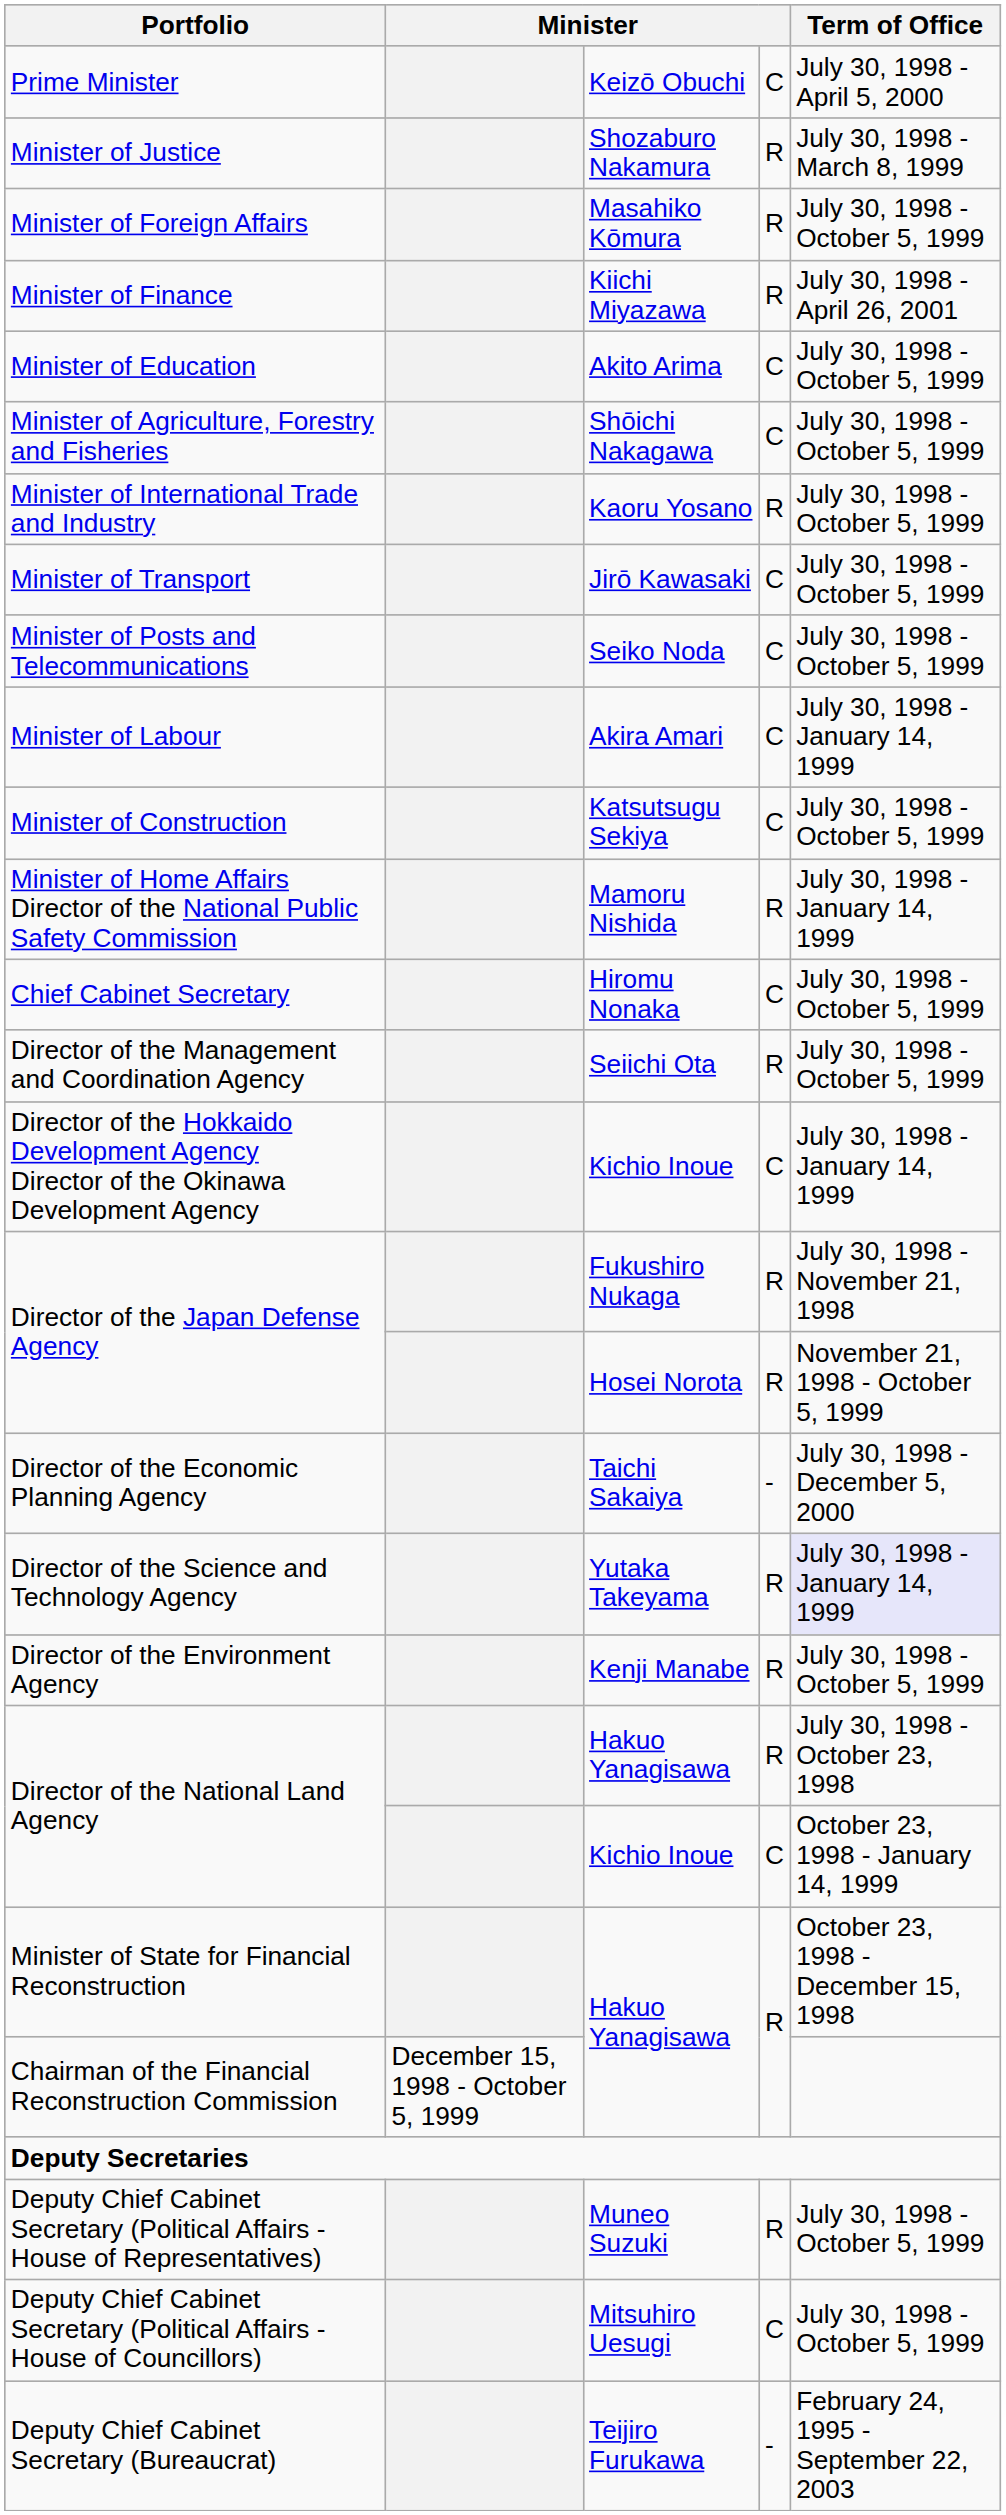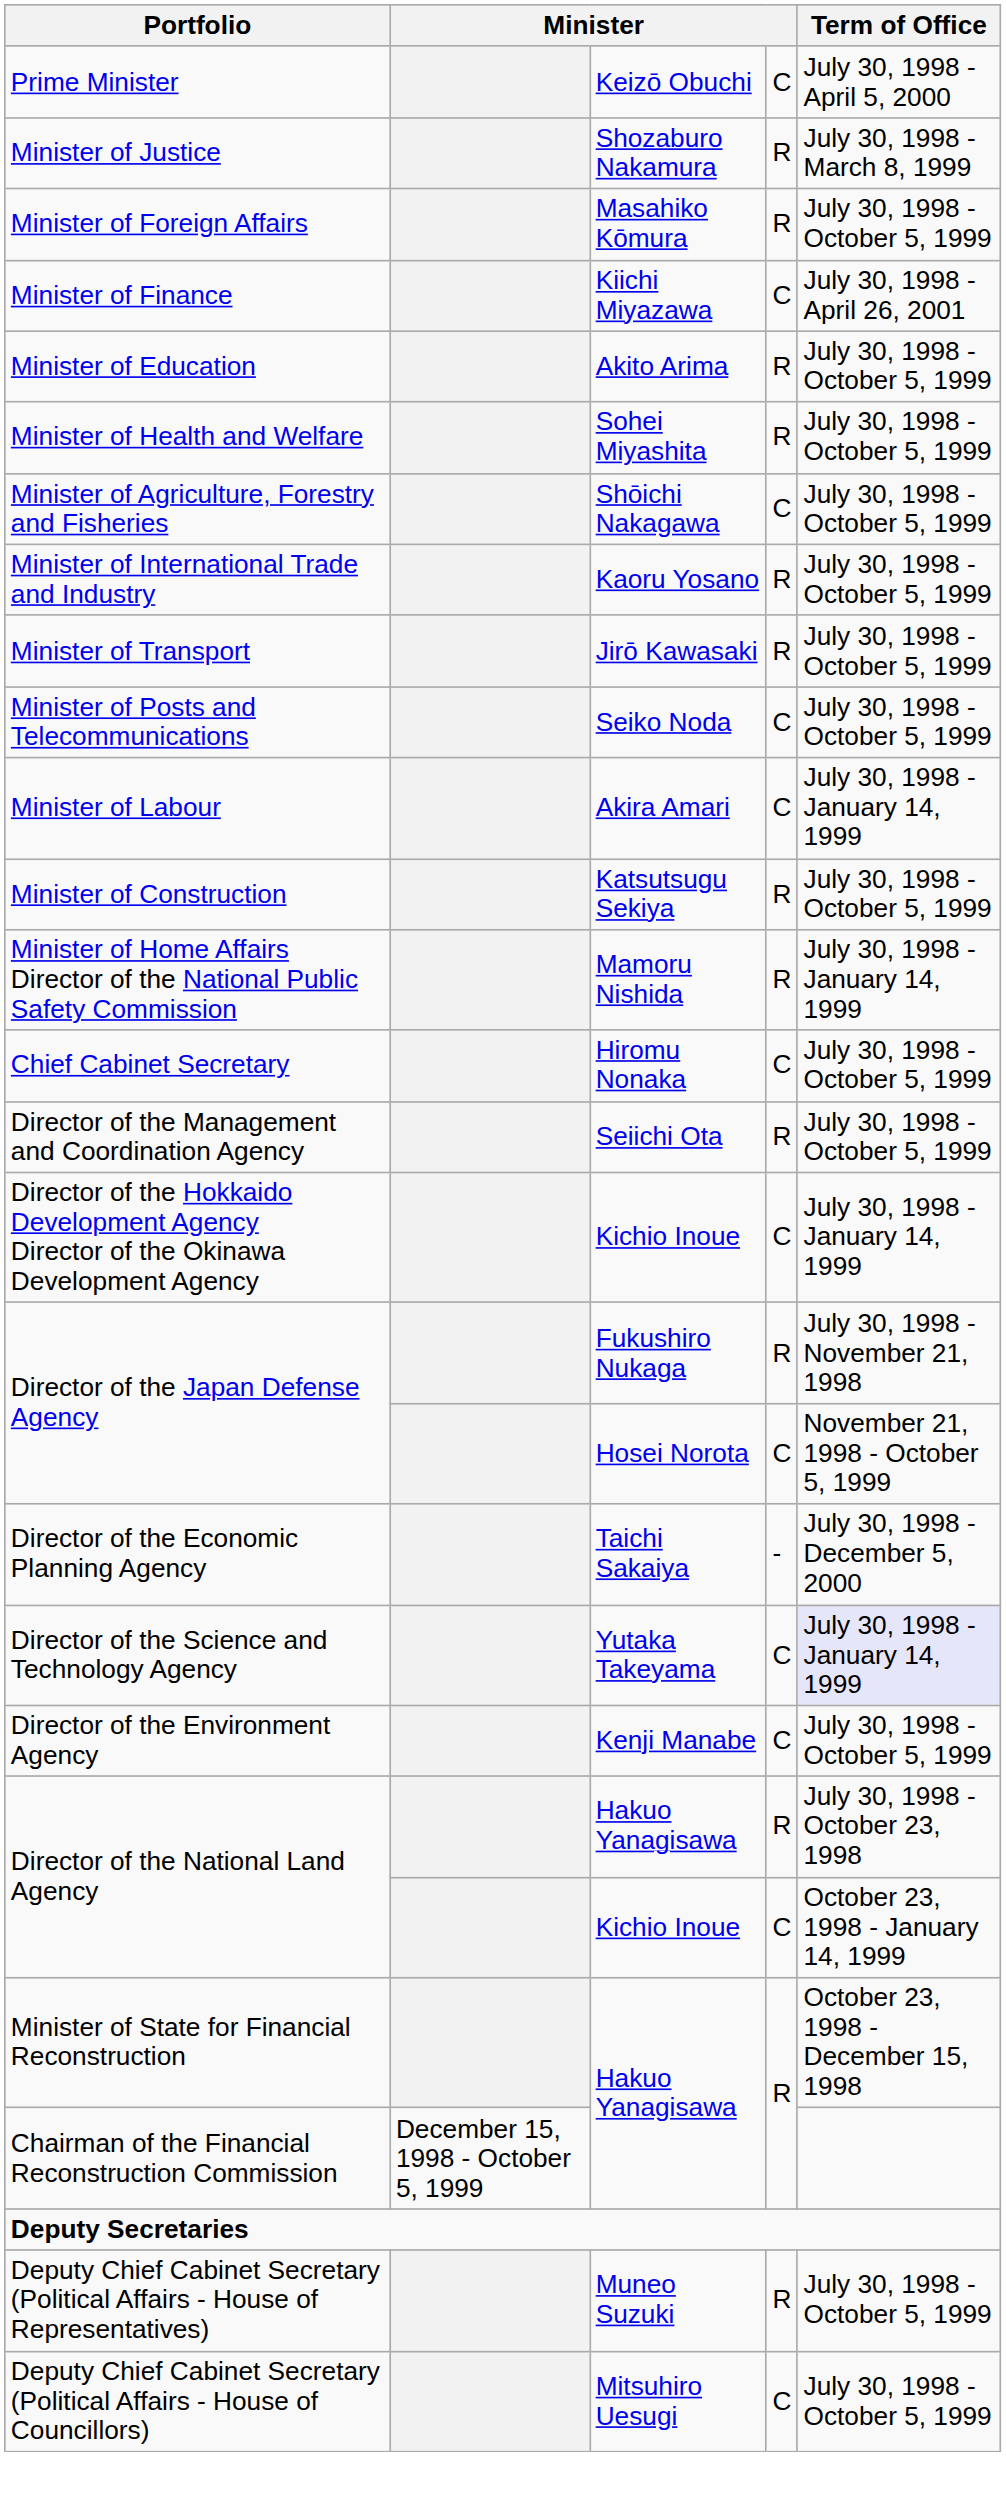 <table class="wikitable">
 <tr>
 <th>Portfolio</th>
 <th colspan=3>Minister</th>
 <th>Term of Office</th>
 </tr>
 <tr>
 <td><a href='#'>Prime Minister</a></td>
 <th style="color:inherit;background-color: "></th>
 <td><a href='#'>Keizō Obuchi</a></td>
 <td>C</td>
 <td>July 30, 1998 - April 5, 2000</td>
 </tr>
 <tr>
 <td><a href='#'>Minister of Justice</a></td>
 <th style="color:inherit;background-color: "></th>
 <td><a href='#'>Shozaburo Nakamura</a></td>
 <td>R</td>
 <td>July 30, 1998 - March 8, 1999</td>
 </tr>
 <tr>
 <td><a href='#'>Minister of Foreign Affairs</a></td>
 <th style="color:inherit;background-color: "></th>
 <td><a href='#'>Masahiko Kōmura</a></td>
 <td>R</td>
 <td>July 30, 1998 - October 5, 1999</td>
 </tr>
 <tr>
 <td><a href='#'>Minister of Finance</a></td>
 <th style="color:inherit;background-color: "></th>
 <td><a href='#'>Kiichi Miyazawa</a></td>
-<td>R</td>
+<td>C</td>
 <td>July 30, 1998 - April 26, 2001</td>
 </tr>
 <tr>
 <td><a href='#'>Minister of Education</a></td>
 <th style="color:inherit;background-color: "></th>
 <td><a href='#'>Akito Arima</a></td>
-<td>C</td>
+<td>R</td>
+<td>July 30, 1998 - October 5, 1999</td>
+</tr>
+<tr>
+<td><a href='#'>Minister of Health and Welfare</a></td>
+<th style="color:inherit;background-color: "></th>
+<td><a href='#'>Sohei Miyashita</a></td>
+<td>R</td>
 <td>July 30, 1998 - October 5, 1999</td>
 </tr>
 <tr>
 <td><a href='#'>Minister of Agriculture, Forestry and Fisheries</a></td>
 <th style="color:inherit;background-color: "></th>
 <td><a href='#'>Shōichi Nakagawa</a></td>
 <td>C</td>
 <td>July 30, 1998 - October 5, 1999</td>
 </tr>
 <tr>
 <td><a href='#'>Minister of International Trade and Industry</a></td>
 <th style="color:inherit;background-color: "></th>
 <td><a href='#'>Kaoru Yosano</a></td>
 <td>R</td>
 <td>July 30, 1998 - October 5, 1999</td>
 </tr>
 <tr>
 <td><a href='#'>Minister of Transport</a></td>
 <th style="color:inherit;background-color: "></th>
 <td><a href='#'>Jirō Kawasaki</a></td>
-<td>C</td>
+<td>R</td>
 <td>July 30, 1998 - October 5, 1999</td>
 </tr>
 <tr>
 <td><a href='#'>Minister of Posts and Telecommunications</a></td>
 <th style="color:inherit;background-color: "></th>
 <td><a href='#'>Seiko Noda</a></td>
 <td>C</td>
 <td>July 30, 1998 - October 5, 1999</td>
 </tr>
 <tr>
 <td><a href='#'>Minister of Labour</a></td>
 <th style="color:inherit;background-color: "></th>
 <td><a href='#'>Akira Amari</a></td>
 <td>C</td>
 <td>July 30, 1998 - January 14, 1999</td>
 </tr>
 <tr>
 <td><a href='#'>Minister of Construction</a></td>
 <th style="color:inherit;background-color: "></th>
 <td><a href='#'>Katsutsugu Sekiya</a></td>
-<td>C</td>
+<td>R</td>
 <td>July 30, 1998 - October 5, 1999</td>
 </tr>
 <tr>
 <td><a href='#'>Minister of Home Affairs</a> <br>Director of the <a href='#'>National Public Safety Commission</a></td>
 <th style="color:inherit;background-color: "></th>
 <td><a href='#'>Mamoru Nishida</a></td>
 <td>R</td>
 <td>July 30, 1998 - January 14, 1999</td>
 </tr>
 <tr>
 <td><a href='#'>Chief Cabinet Secretary</a></td>
 <th style="color:inherit;background-color: "></th>
 <td><a href='#'>Hiromu Nonaka</a></td>
 <td>C</td>
 <td>July 30, 1998 - October 5, 1999</td>
 </tr>
 <tr>
 <td>Director of the Management and Coordination Agency</td>
 <th style="color:inherit;background-color: "></th>
 <td><a href='#'>Seiichi Ota</a></td>
 <td>R</td>
 <td>July 30, 1998 - October 5, 1999</td>
 </tr>
 <tr>
 <td>Director of the <a href='#'>Hokkaido Development Agency</a> <br>Director of the Okinawa Development Agency</td>
 <th style="color:inherit;background-color: "></th>
 <td><a href='#'>Kichio Inoue</a></td>
 <td>C</td>
 <td>July 30, 1998 - January 14, 1999</td>
 </tr>
 <tr>
 <td rowspan=2>Director of the <a href='#'>Japan Defense Agency</a></td>
 <th style="color:inherit;background-color: "></th>
 <td><a href='#'>Fukushiro Nukaga</a></td>
 <td>R</td>
 <td>July 30, 1998 - November 21, 1998</td>
 </tr>
 <tr>
 <th style="color:inherit;background-color: "></th>
 <td><a href='#'>Hosei Norota</a></td>
-<td>R</td>
+<td>C</td>
 <td>November 21, 1998 - October 5, 1999</td>
 </tr>
 <tr>
 <td>Director of the Economic Planning Agency</td>
 <th style="color:inherit;background-color: "></th>
 <td><a href='#'>Taichi Sakaiya</a></td>
 <td>-</td>
 <td>July 30, 1998 - December 5, 2000</td>
 </tr>
 <tr>
 <td>Director of the Science and Technology Agency</td>
 <th style="color:inherit;background-color: "></th>
 <td><a href='#'>Yutaka Takeyama</a></td>
-<td>R</td>
+<td>C</td>
 <td style="background: lavender;">July 30, 1998 - January 14, 1999</td>
 </tr>
 <tr>
 <td>Director of the Environment Agency</td>
 <th style="color:inherit;background-color: "></th>
 <td><a href='#'>Kenji Manabe</a></td>
-<td>R</td>
+<td>C</td>
 <td>July 30, 1998 - October 5, 1999</td>
 </tr>
 <tr>
 <td rowspan=2>Director of the National Land Agency</td>
 <th style="color:inherit;background-color: "></th>
 <td><a href='#'>Hakuo Yanagisawa</a></td>
 <td>R</td>
 <td>July 30, 1998 - October 23, 1998</td>
 </tr>
 <tr>
 <th style="color:inherit;background-color: "></th>
 <td><a href='#'>Kichio Inoue</a></td>
 <td>C</td>
 <td>October 23, 1998 - January 14, 1999</td>
 </tr>
 <tr>
 <td>Minister of State for Financial Reconstruction</td>
 <th style="background-color: "></th>
 <td rowspan=2><a href='#'>Hakuo Yanagisawa</a></td>
 <td rowspan=2>R</td>
 <td>October 23, 1998 - December 15, 1998</td>
 </tr>
 <tr>
 <td>Chairman of the Financial Reconstruction Commission</td>
 <td>December 15, 1998 - October 5, 1999</td>
 </tr>
 <tr>
 <td colspan=5><strong>Deputy Secretaries</strong></td>
 </tr>
 <tr>
 <td>Deputy Chief Cabinet Secretary (Political Affairs - House of Representatives)</td>
 <th style="color:inherit;background-color: "></th>
 <td><a href='#'>Muneo Suzuki</a></td>
 <td>R</td>
 <td>July 30, 1998 - October 5, 1999</td>
 </tr>
 <tr>
 <td>Deputy Chief Cabinet Secretary (Political Affairs - House of Councillors)</td>
 <th style="color:inherit;background-color: "></th>
 <td><a href='#'>Mitsuhiro Uesugi</a></td>
 <td>C</td>
 <td>July 30, 1998 - October 5, 1999</td>
 </tr>
-<tr>
-<td>Deputy Chief Cabinet Secretary (Bureaucrat)</td>
-<th style="color:inherit;background-color: "></th>
-<td><a href='#'>Teijiro Furukawa</a></td>
-<td>-</td>
-<td>February 24, 1995 - September 22, 2003</td>
-</tr>
 </table>
